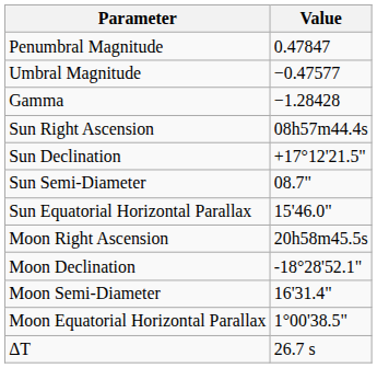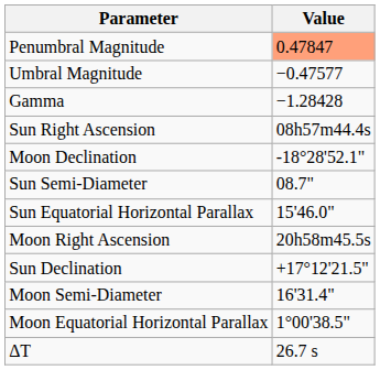 <table class="wikitable">
 <tr>
 <th>Parameter</th>
 <th>Value</th>
 </tr>
 <tr>
 <td>Penumbral Magnitude</td>
-<td>0.47847</td>
+<td style="background: lightsalmon;">0.47847</td>
 </tr>
 <tr>
 <td>Umbral Magnitude</td>
 <td>−0.47577</td>
 </tr>
 <tr>
 <td>Gamma</td>
 <td>−1.28428</td>
 </tr>
 <tr>
 <td>Sun Right Ascension</td>
 <td>08h57m44.4s</td>
 </tr>
 <tr>
-<td>Sun Declination</td>
-<td>+17°12'21.5"</td>
+<td>Moon Declination</td>
+<td>-18°28'52.1"</td>
 </tr>
 <tr>
 <td>Sun Semi-Diameter</td>
 <td>08.7"</td>
 </tr>
 <tr>
 <td>Sun Equatorial Horizontal Parallax</td>
 <td>15'46.0"</td>
 </tr>
 <tr>
 <td>Moon Right Ascension</td>
 <td>20h58m45.5s</td>
 </tr>
 <tr>
-<td>Moon Declination</td>
-<td>-18°28'52.1"</td>
+<td>Sun Declination</td>
+<td>+17°12'21.5"</td>
 </tr>
 <tr>
 <td>Moon Semi-Diameter</td>
 <td>16'31.4"</td>
 </tr>
 <tr>
 <td>Moon Equatorial Horizontal Parallax</td>
 <td>1°00'38.5"</td>
 </tr>
 <tr>
 <td>ΔT</td>
 <td>26.7 s</td>
 </tr>
 </table>
